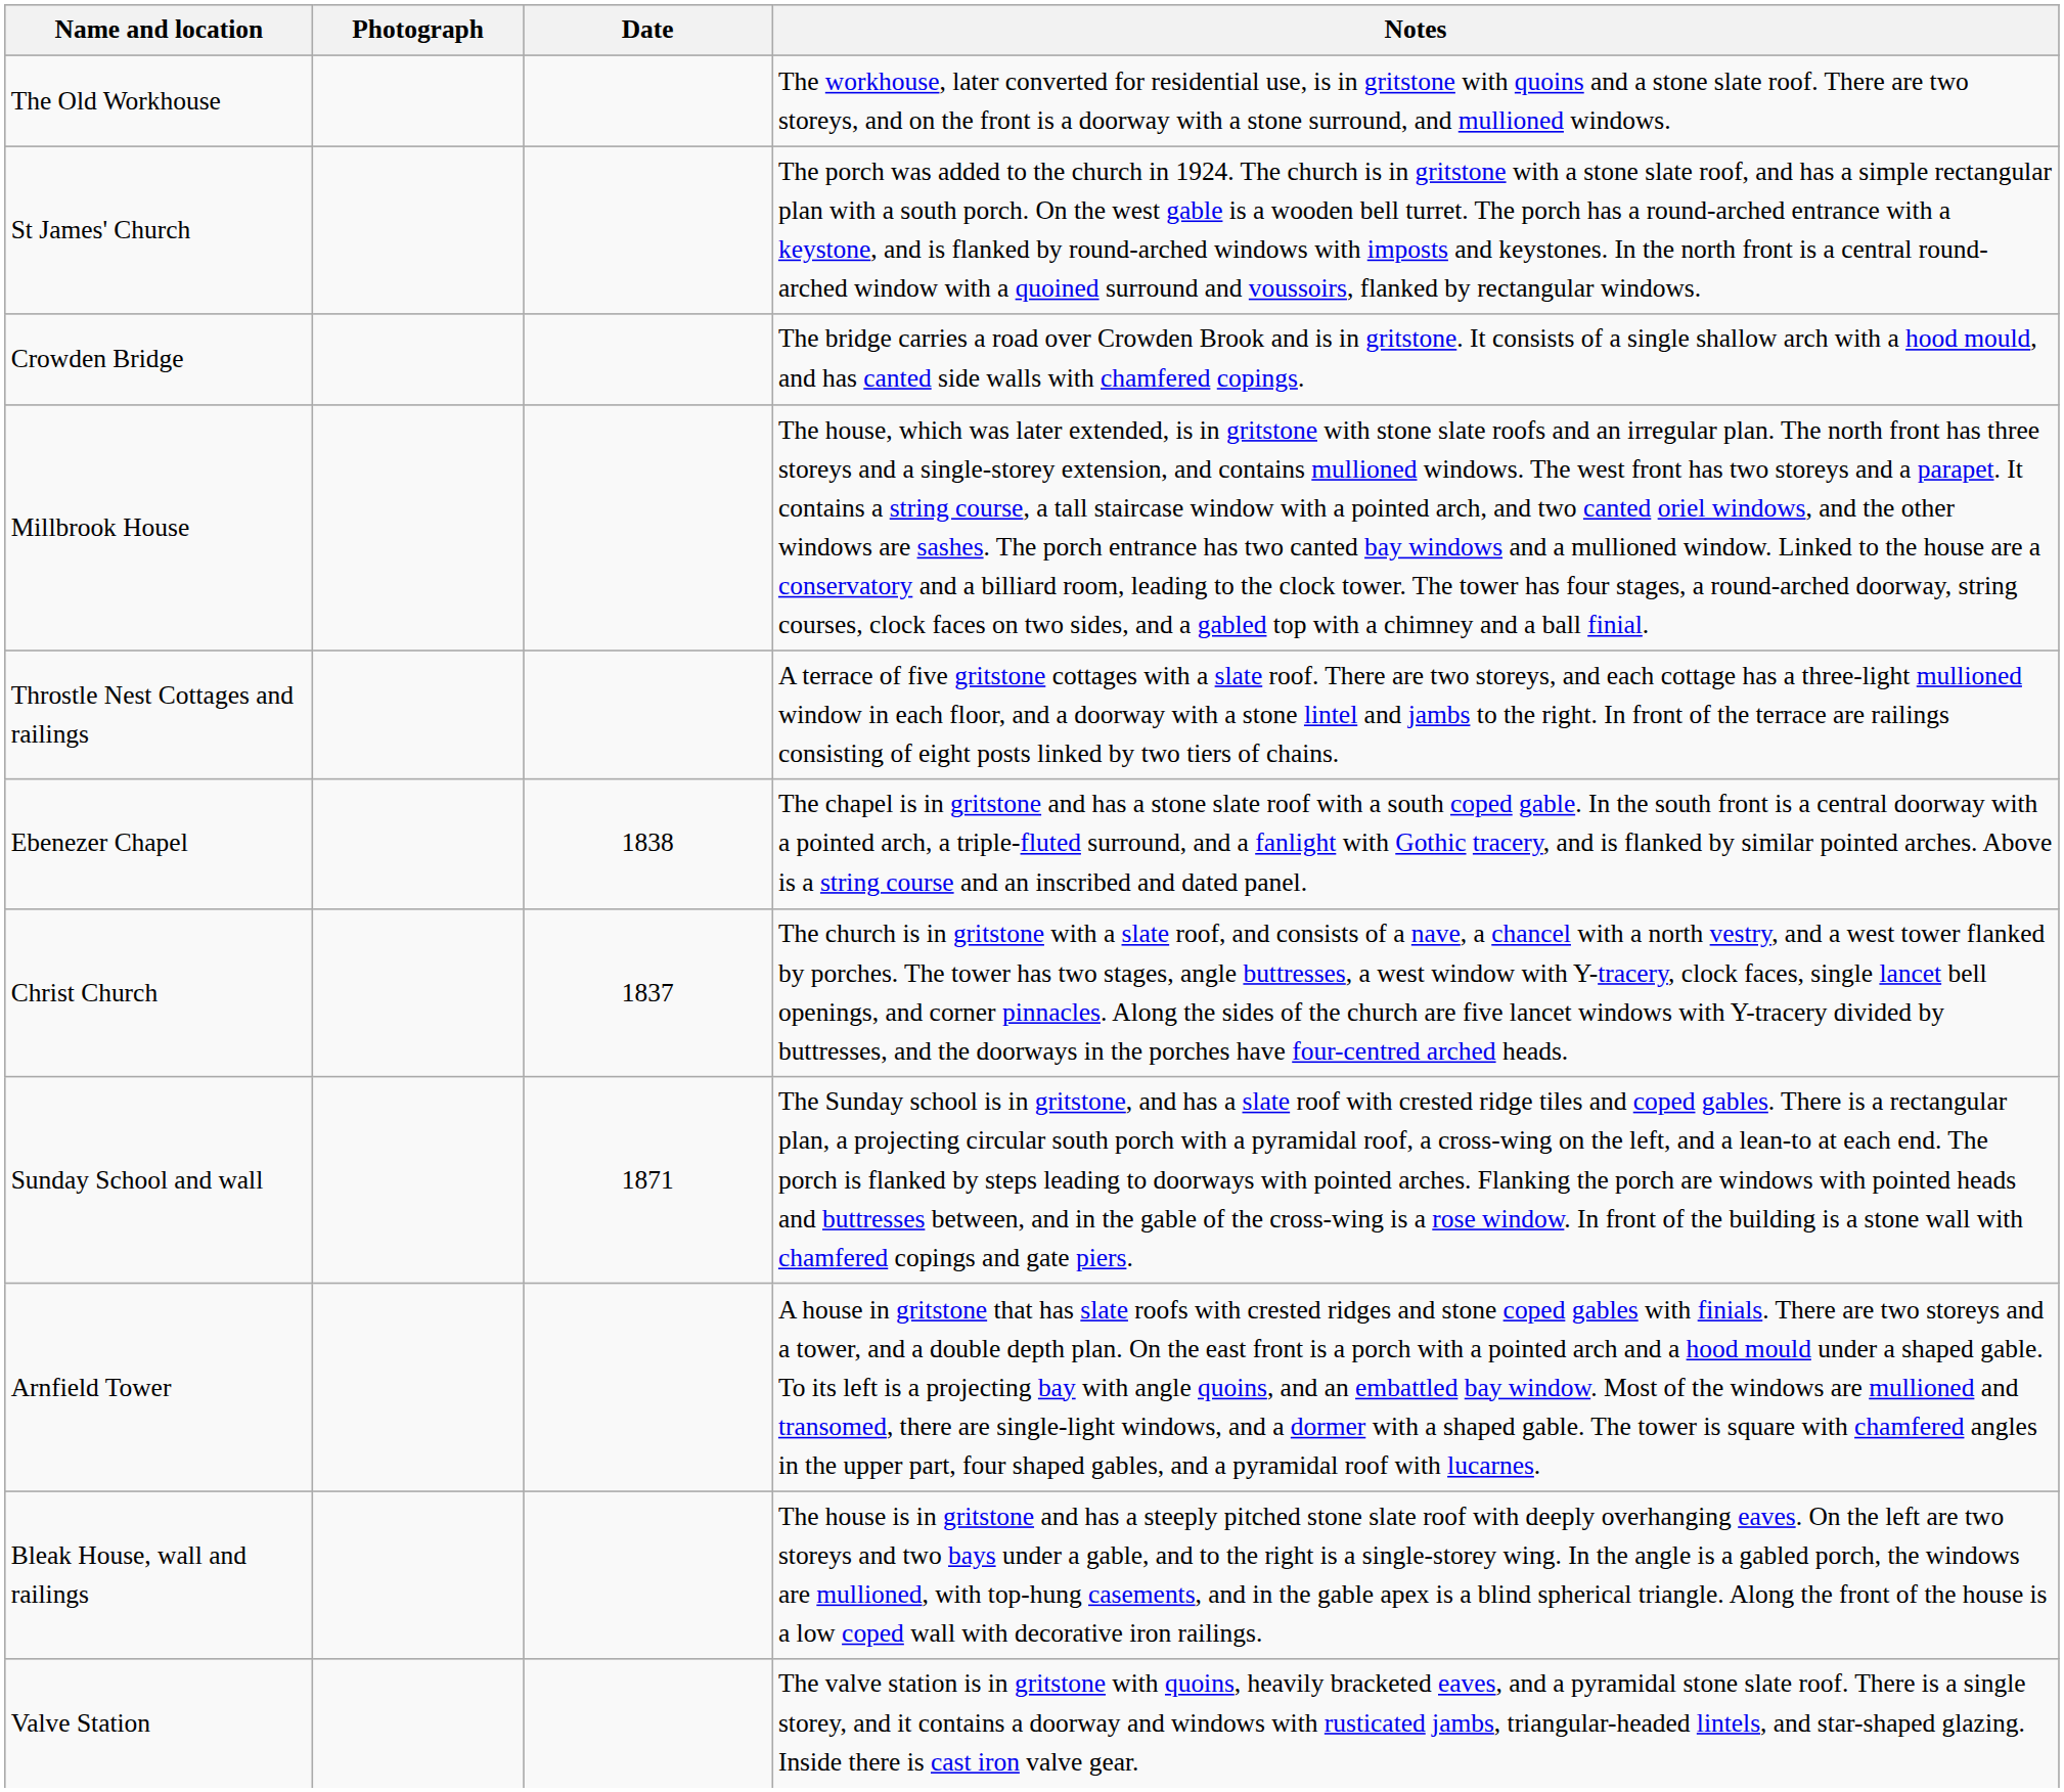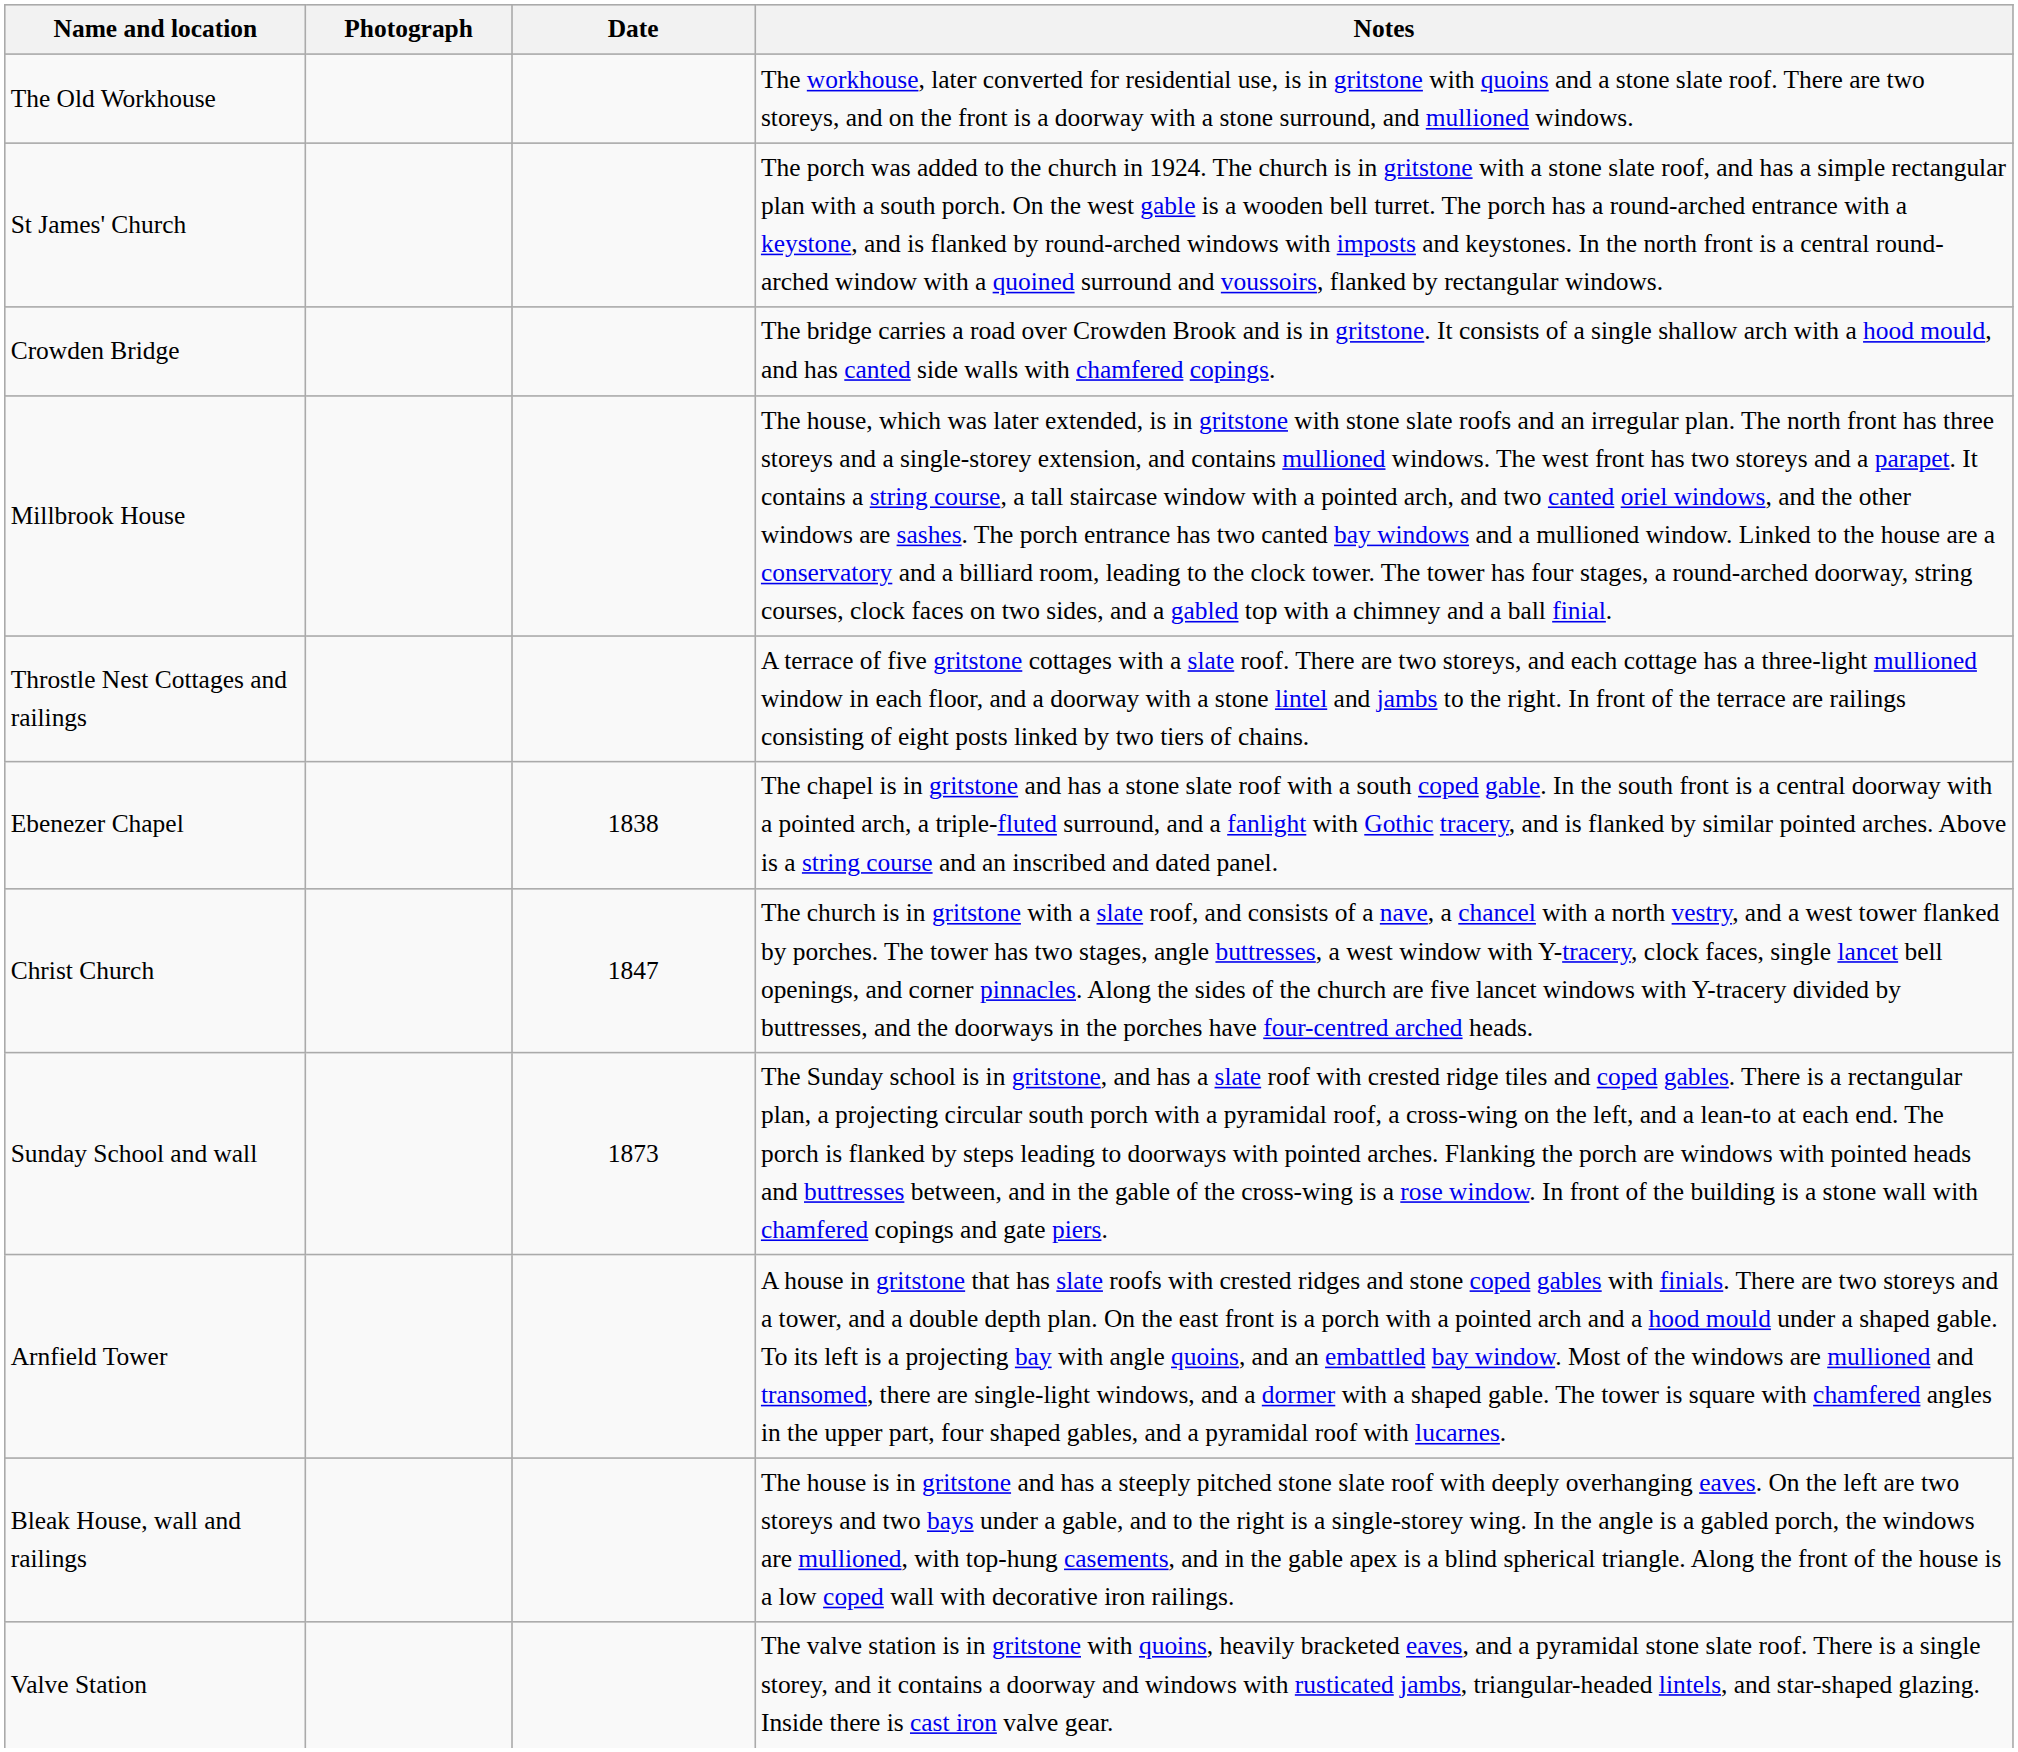 <table class="wikitable sortable plainrowheaders" style="width:100%;border:0px;text-align:left;line-height:150%;">
 <tr>
 <th scope="col"  style="width:150px">Name and location</th>
 <th scope="col"  style="width:100px" class="unsortable">Photograph</th>
 <th scope="col"  style="width:120px">Date</th>
 <th scope="col"  style="width:650px" class="unsortable">Notes</th>
 </tr>
 <tr>
 <td>The Old Workhouse<br><small></small></td>
 <td></td>
 <td align="center"></td>
 <td>The <a href='#'>workhouse</a>, later converted for residential use, is in <a href='#'>gritstone</a> with <a href='#'>quoins</a> and a stone slate roof.  There are two storeys, and on the front is a doorway with a stone surround, and <a href='#'>mullioned</a> windows.</td>
 </tr>
 <tr>
 <td>St James' Church<br><small></small></td>
 <td></td>
 <td align="center"></td>
 <td>The porch was added to the church in 1924.  The church is in <a href='#'>gritstone</a> with a stone slate roof, and has a simple rectangular plan with a south porch.  On the west <a href='#'>gable</a> is a wooden bell turret.  The porch has a round-arched entrance with a <a href='#'>keystone</a>, and is flanked by round-arched windows with <a href='#'>imposts</a> and keystones.  In the north front is a central round-arched window with a <a href='#'>quoined</a> surround and <a href='#'>voussoirs</a>, flanked by rectangular windows.</td>
 </tr>
 <tr>
 <td>Crowden Bridge<br><small></small></td>
 <td></td>
 <td align="center"></td>
 <td>The bridge carries a road over Crowden Brook and is in <a href='#'>gritstone</a>.  It consists of a single shallow arch with a <a href='#'>hood mould</a>, and has <a href='#'>canted</a> side walls with <a href='#'>chamfered</a> <a href='#'>copings</a>.</td>
 </tr>
 <tr>
 <td>Millbrook House<br><small></small></td>
 <td></td>
 <td align="center"></td>
 <td>The house, which was later extended, is in <a href='#'>gritstone</a> with stone slate roofs and an irregular plan.  The north front has three storeys and a single-storey extension, and contains <a href='#'>mullioned</a> windows.  The west front has two storeys and a <a href='#'>parapet</a>.  It contains a <a href='#'>string course</a>, a tall staircase window with a pointed arch, and two <a href='#'>canted</a> <a href='#'>oriel windows</a>, and the other windows are <a href='#'>sashes</a>.  The porch entrance has two canted <a href='#'>bay windows</a> and a mullioned window.  Linked to the house are a <a href='#'>conservatory</a> and a billiard room, leading to the clock tower.  The tower has four stages, a round-arched doorway, string courses, clock faces on two sides, and a <a href='#'>gabled</a> top with a chimney and a ball <a href='#'>finial</a>.</td>
 </tr>
 <tr>
 <td>Throstle Nest Cottages and railings<br><small></small></td>
 <td></td>
 <td align="center"></td>
 <td>A terrace of five <a href='#'>gritstone</a> cottages with a <a href='#'>slate</a> roof.  There are two storeys, and each cottage has a three-light <a href='#'>mullioned</a> window in each floor, and a doorway with a stone <a href='#'>lintel</a> and <a href='#'>jambs</a> to the right.  In front of the terrace are railings consisting of eight posts linked by two tiers of chains.</td>
 </tr>
 <tr>
 <td>Ebenezer Chapel<br><small></small></td>
 <td></td>
 <td align="center">1838</td>
 <td>The chapel is in <a href='#'>gritstone</a> and has a stone slate roof with a south <a href='#'>coped</a> <a href='#'>gable</a>.  In the south front is a central doorway with a pointed arch, a triple-<a href='#'>fluted</a> surround, and a <a href='#'>fanlight</a> with <a href='#'>Gothic</a> <a href='#'>tracery</a>, and is flanked by similar pointed arches.  Above is a <a href='#'>string course</a> and an inscribed and dated panel.</td>
 </tr>
 <tr>
 <td>Christ Church<br><small></small></td>
 <td></td>
-<td align="center">1837</td>
+<td align="center">1847</td>
 <td>The church is in <a href='#'>gritstone</a> with a <a href='#'>slate</a> roof, and consists of a <a href='#'>nave</a>, a <a href='#'>chancel</a> with a north <a href='#'>vestry</a>, and a west tower flanked by porches.  The tower has two stages, angle <a href='#'>buttresses</a>, a west window with Y-<a href='#'>tracery</a>, clock faces, single <a href='#'>lancet</a> bell openings, and corner <a href='#'>pinnacles</a>.  Along the sides of the church are five lancet windows with Y-tracery divided by buttresses, and the doorways in the porches have <a href='#'>four-centred arched</a> heads.</td>
 </tr>
 <tr>
 <td>Sunday School and wall<br><small></small></td>
 <td></td>
-<td align="center">1871</td>
+<td align="center">1873</td>
 <td>The Sunday school is in <a href='#'>gritstone</a>, and has a <a href='#'>slate</a> roof with crested ridge tiles and <a href='#'>coped</a> <a href='#'>gables</a>.  There is a rectangular plan, a projecting circular south porch with a pyramidal roof, a cross-wing on the left, and a lean-to at each end.  The porch is flanked by steps leading to doorways with pointed arches.  Flanking the porch are windows with pointed heads and <a href='#'>buttresses</a> between, and in the gable of the cross-wing is a <a href='#'>rose window</a>.  In front of the building is a stone wall with <a href='#'>chamfered</a> copings and gate <a href='#'>piers</a>.</td>
 </tr>
 <tr>
 <td>Arnfield Tower<br><small></small></td>
 <td></td>
 <td align="center"></td>
 <td>A house in <a href='#'>gritstone</a> that has <a href='#'>slate</a> roofs with crested ridges and stone <a href='#'>coped</a> <a href='#'>gables</a> with <a href='#'>finials</a>.  There are two storeys and a tower, and a double depth plan.  On the east front is a porch with a pointed arch and a <a href='#'>hood mould</a> under a shaped gable.  To its left is a projecting <a href='#'>bay</a> with angle <a href='#'>quoins</a>, and an <a href='#'>embattled</a> <a href='#'>bay window</a>.  Most of the windows are <a href='#'>mullioned</a> and <a href='#'>transomed</a>, there are single-light windows, and a <a href='#'>dormer</a> with a shaped gable.  The tower is square with <a href='#'>chamfered</a> angles in the upper part, four shaped gables, and a pyramidal roof with <a href='#'>lucarnes</a>.</td>
 </tr>
 <tr>
 <td>Bleak House, wall and railings<br><small></small></td>
 <td></td>
 <td align="center"></td>
 <td>The house is in <a href='#'>gritstone</a> and has a steeply pitched stone slate roof with deeply overhanging <a href='#'>eaves</a>.  On the left are two storeys and two <a href='#'>bays</a> under a gable, and to the right is a single-storey wing.   In the angle is a gabled porch, the windows are <a href='#'>mullioned</a>, with top-hung <a href='#'>casements</a>, and in the gable apex is a blind spherical triangle.  Along the front of the house is a low <a href='#'>coped</a> wall with decorative iron railings.</td>
 </tr>
 <tr>
 <td>Valve Station<br><small></small></td>
 <td></td>
 <td align="center"></td>
 <td>The valve station is in <a href='#'>gritstone</a> with <a href='#'>quoins</a>, heavily bracketed <a href='#'>eaves</a>, and a pyramidal stone slate roof.  There is a single storey, and it contains a doorway and windows with <a href='#'>rusticated</a> <a href='#'>jambs</a>, triangular-headed <a href='#'>lintels</a>, and star-shaped glazing.  Inside there is <a href='#'>cast iron</a> valve gear.</td>
 </tr>
 <tr>
 </tr>
 </table>
